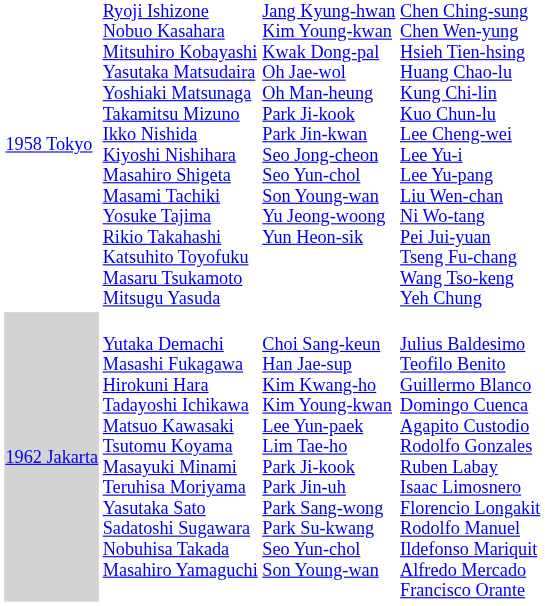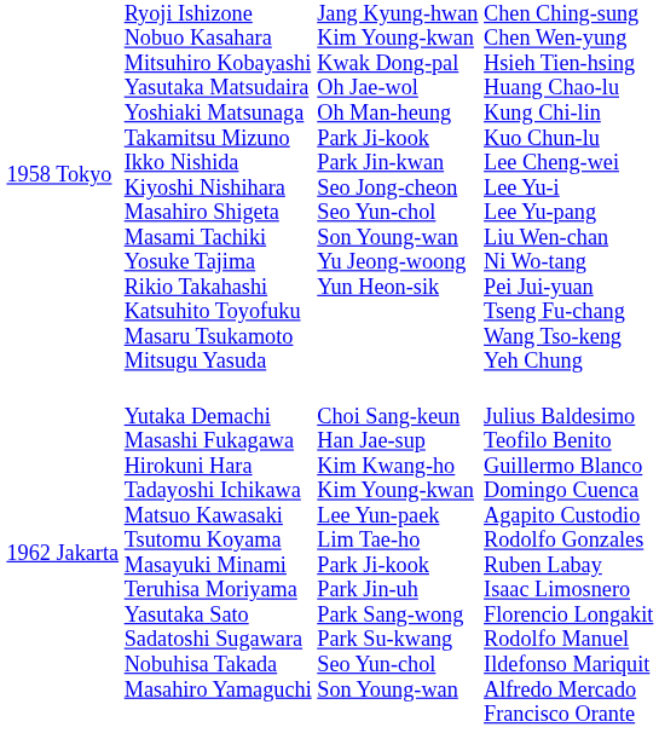 <table>
 <tr>
 <td><a href='#'>1958 Tokyo</a></td>
 <td valign=top><br><a href='#'>Ryoji Ishizone</a><br><a href='#'>Nobuo Kasahara</a><br><a href='#'>Mitsuhiro Kobayashi</a><br><a href='#'>Yasutaka Matsudaira</a><br><a href='#'>Yoshiaki Matsunaga</a><br><a href='#'>Takamitsu Mizuno</a><br><a href='#'>Ikko Nishida</a><br><a href='#'>Kiyoshi Nishihara</a><br><a href='#'>Masahiro Shigeta</a><br><a href='#'>Masami Tachiki</a><br><a href='#'>Yosuke Tajima</a><br><a href='#'>Rikio Takahashi</a><br><a href='#'>Katsuhito Toyofuku</a><br><a href='#'>Masaru Tsukamoto</a><br><a href='#'>Mitsugu Yasuda</a></td>
 <td valign=top><br><a href='#'>Jang Kyung-hwan</a><br><a href='#'>Kim Young-kwan</a><br><a href='#'>Kwak Dong-pal</a><br><a href='#'>Oh Jae-wol</a><br><a href='#'>Oh Man-heung</a><br><a href='#'>Park Ji-kook</a><br><a href='#'>Park Jin-kwan</a><br><a href='#'>Seo Jong-cheon</a><br><a href='#'>Seo Yun-chol</a><br><a href='#'>Son Young-wan</a><br><a href='#'>Yu Jeong-woong</a><br><a href='#'>Yun Heon-sik</a></td>
 <td><br><a href='#'>Chen Ching-sung</a><br><a href='#'>Chen Wen-yung</a><br><a href='#'>Hsieh Tien-hsing</a><br><a href='#'>Huang Chao-lu</a><br><a href='#'>Kung Chi-lin</a><br><a href='#'>Kuo Chun-lu</a><br><a href='#'>Lee Cheng-wei</a><br><a href='#'>Lee Yu-i</a><br><a href='#'>Lee Yu-pang</a><br><a href='#'>Liu Wen-chan</a><br><a href='#'>Ni Wo-tang</a><br><a href='#'>Pei Jui-yuan</a><br><a href='#'>Tseng Fu-chang</a><br><a href='#'>Wang Tso-keng</a><br><a href='#'>Yeh Chung</a></td>
 </tr>
 <tr>
-<td style="background: lightgrey;"><a href='#'>1962 Jakarta</a></td>
+<td><a href='#'>1962 Jakarta</a></td>
 <td valign=top><br><a href='#'>Yutaka Demachi</a><br><a href='#'>Masashi Fukagawa</a><br><a href='#'>Hirokuni Hara</a><br><a href='#'>Tadayoshi Ichikawa</a><br><a href='#'>Matsuo Kawasaki</a><br><a href='#'>Tsutomu Koyama</a><br><a href='#'>Masayuki Minami</a><br><a href='#'>Teruhisa Moriyama</a><br><a href='#'>Yasutaka Sato</a><br><a href='#'>Sadatoshi Sugawara</a><br><a href='#'>Nobuhisa Takada</a><br><a href='#'>Masahiro Yamaguchi</a></td>
 <td valign=top><br><a href='#'>Choi Sang-keun</a><br><a href='#'>Han Jae-sup</a><br><a href='#'>Kim Kwang-ho</a><br><a href='#'>Kim Young-kwan</a><br><a href='#'>Lee Yun-paek</a><br><a href='#'>Lim Tae-ho</a><br><a href='#'>Park Ji-kook</a><br><a href='#'>Park Jin-uh</a><br><a href='#'>Park Sang-wong</a><br><a href='#'>Park Su-kwang</a><br><a href='#'>Seo Yun-chol</a><br><a href='#'>Son Young-wan</a></td>
 <td><br><a href='#'>Julius Baldesimo</a><br><a href='#'>Teofilo Benito</a><br><a href='#'>Guillermo Blanco</a><br><a href='#'>Domingo Cuenca</a><br><a href='#'>Agapito Custodio</a><br><a href='#'>Rodolfo Gonzales</a><br><a href='#'>Ruben Labay</a><br><a href='#'>Isaac Limosnero</a><br><a href='#'>Florencio Longakit</a><br><a href='#'>Rodolfo Manuel</a><br><a href='#'>Ildefonso Mariquit</a><br><a href='#'>Alfredo Mercado</a><br><a href='#'>Francisco Orante</a></td>
 </tr>
 </table>
